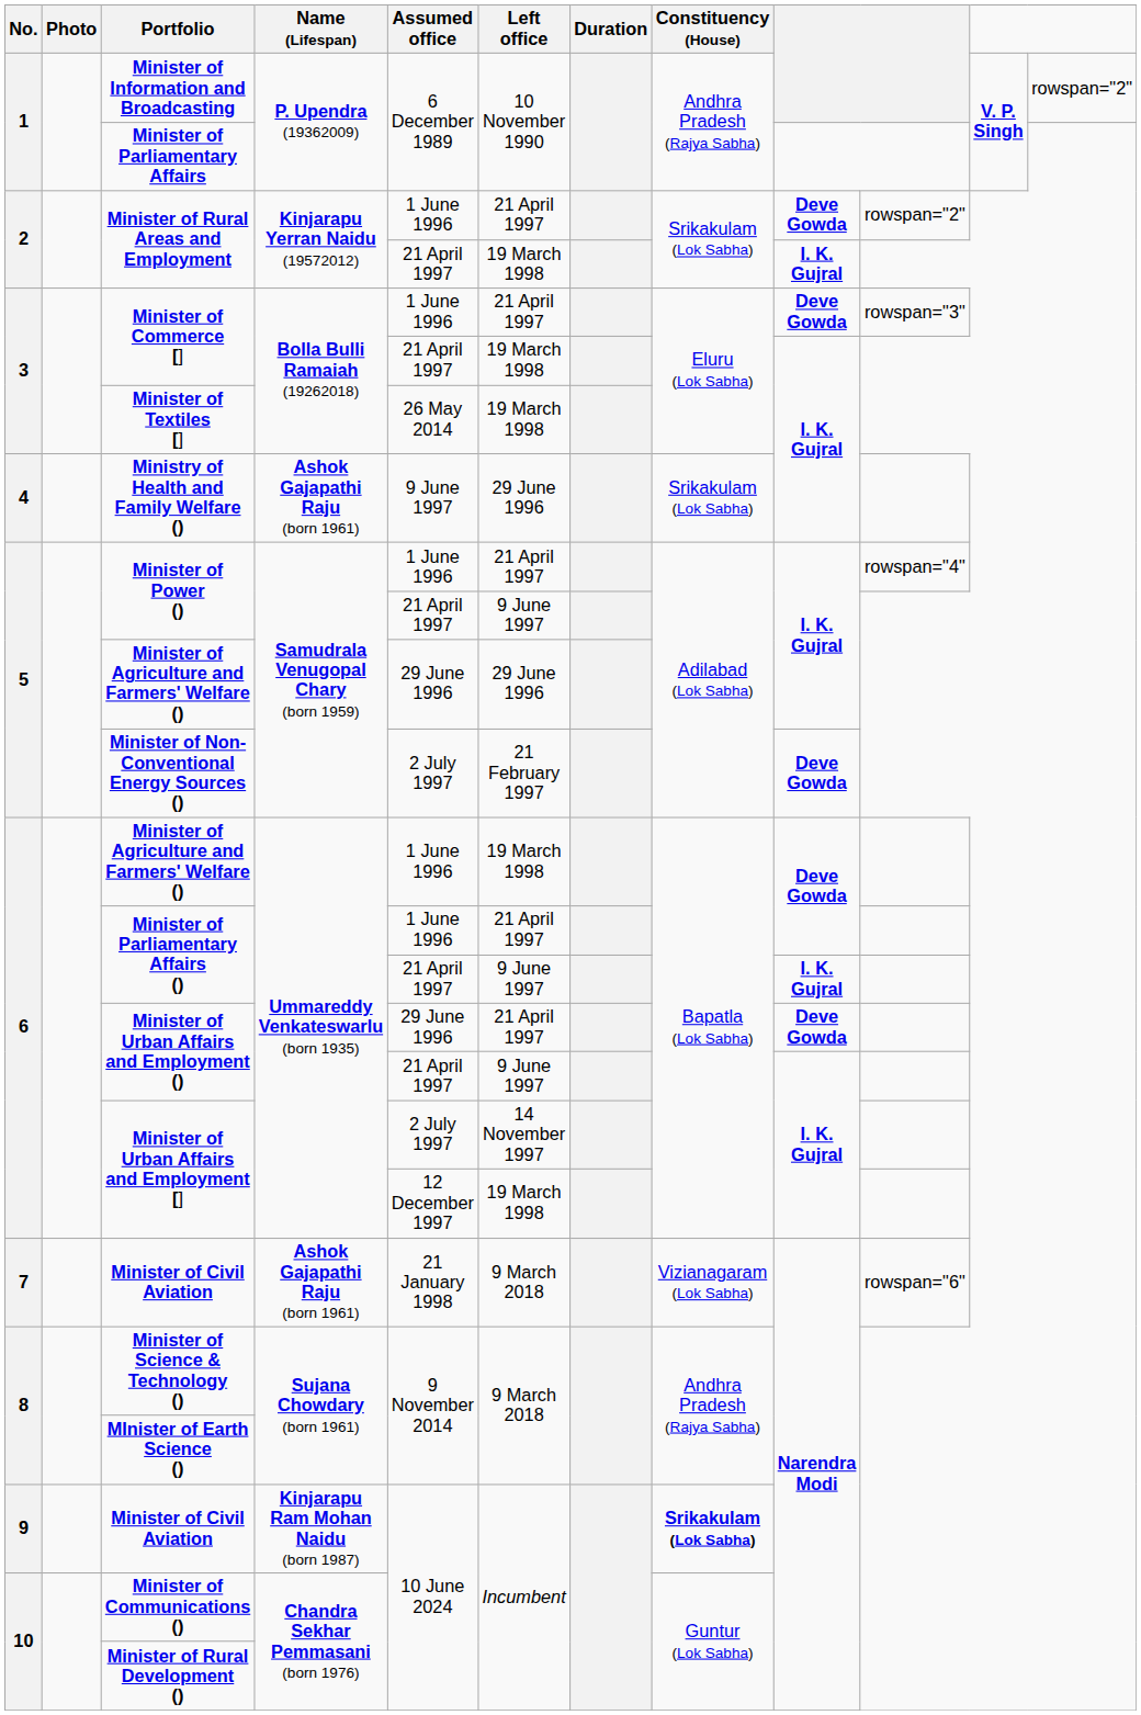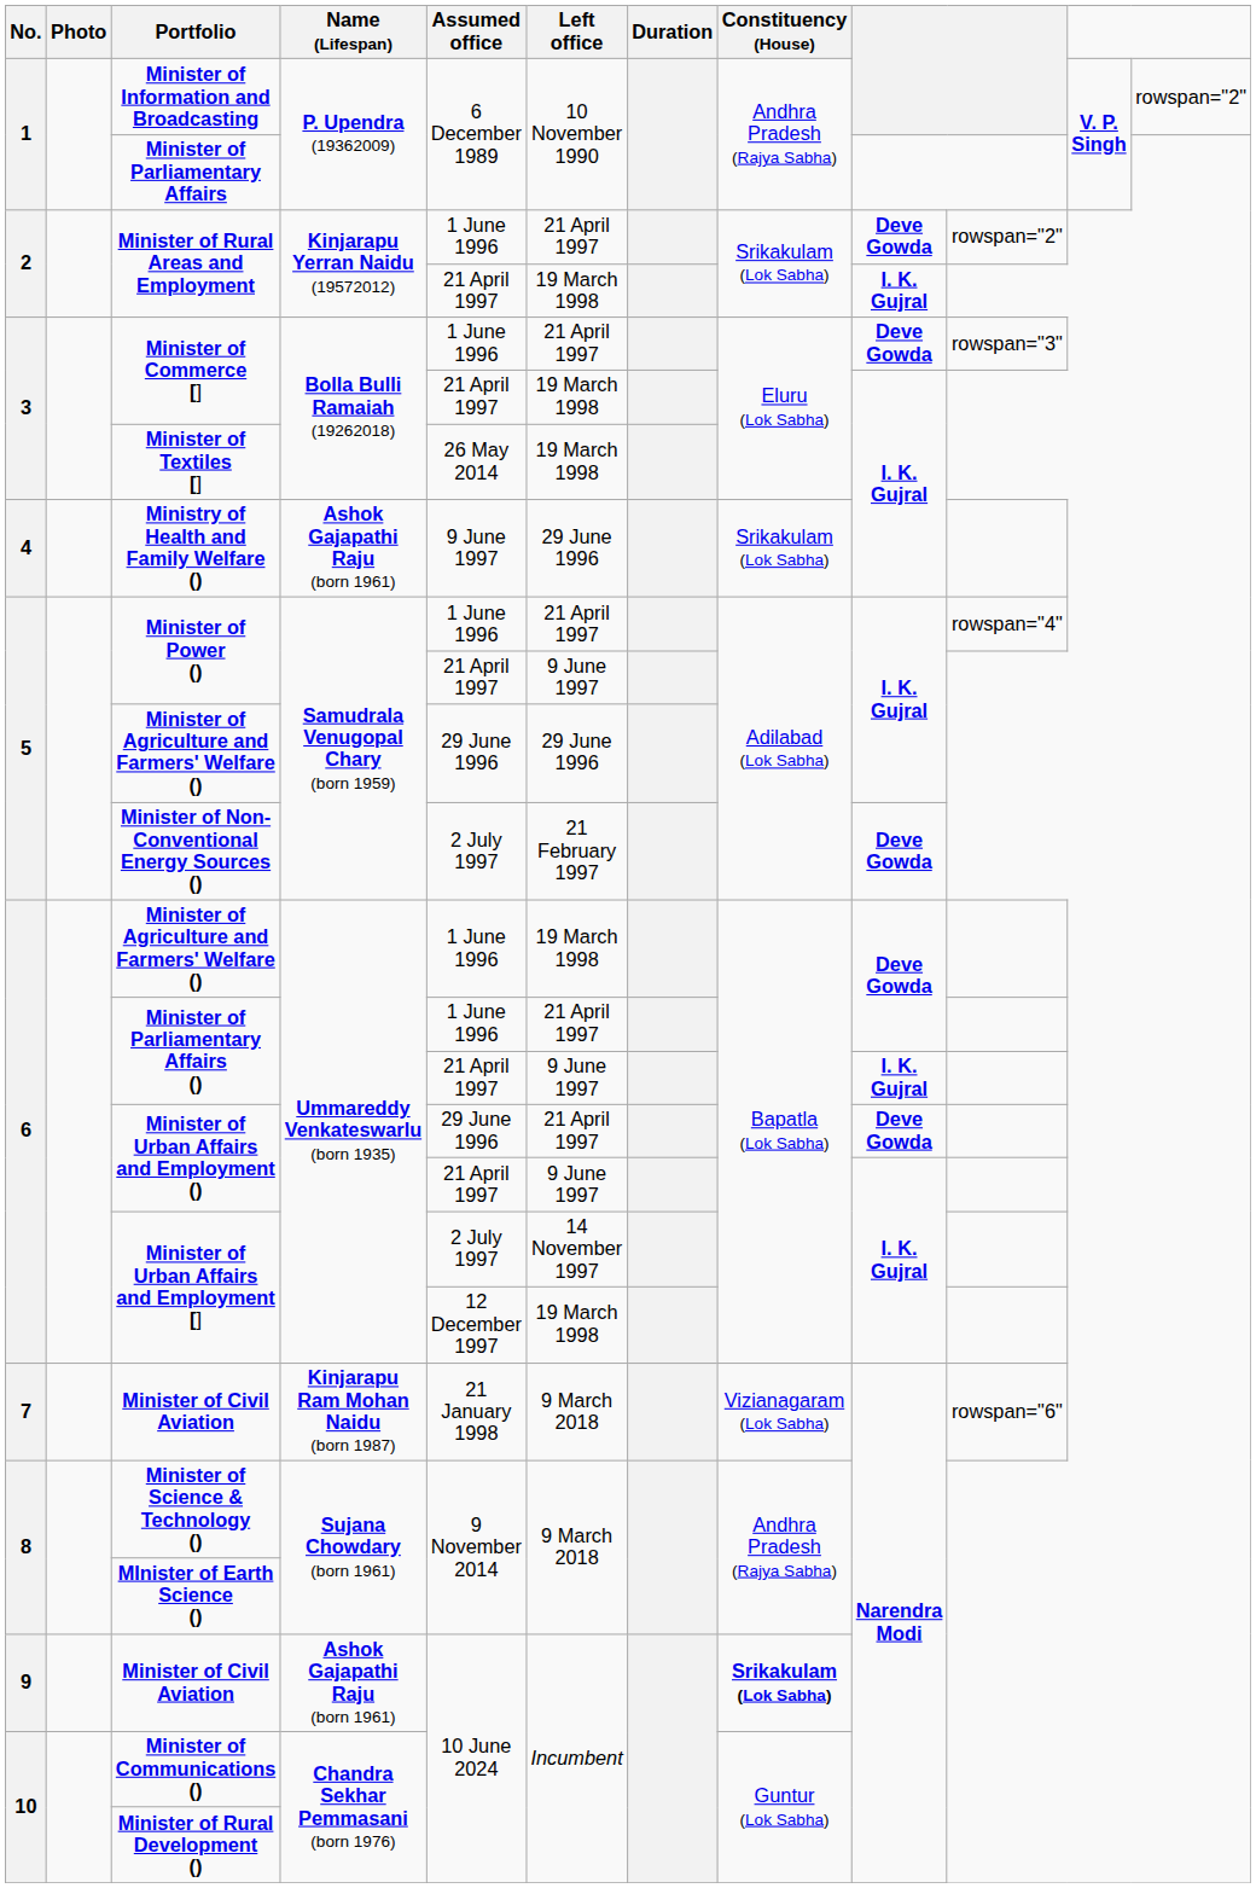 <table class="wikitable sortable" style="text-align:center;">
 <tr>
 <th Style="background-color:">No.</th>
 <th Style="background-color:">Photo</th>
 <th Style="background-color:">Portfolio</th>
 <th Style="background-color:">Name<br><small>(Lifespan)</small></th>
 <th Style="background-color:">Assumed office</th>
 <th Style="background-color:">Left office</th>
 <th Style="background-color:">Duration</th>
 <th Style="background-color:">Constituency<br><small>(House)</small></th>
 <th rowspan=2 colspan=2 Style="background-color:"><a href='#'></a></th>
 </tr>
 <tr>
 <th rowspan="2">1</th>
 <td rowspan="2"></td>
 <td><strong><a href='#'>Minister of Information and Broadcasting</a></strong></td>
 <td rowspan="2"><strong><a href='#'>P. Upendra</a></strong><br><small>(19362009)</small></td>
 <td rowspan="2">6 December<br>1989</td>
 <td rowspan="2">10 November<br>1990</td>
 <th rowspan="2"></th>
 <td rowspan="2"><a href='#'>Andhra Pradesh</a><br><small>(<a href='#'>Rajya Sabha</a>)</small></td>
 <td rowspan="2"><strong><a href='#'>V. P. Singh</a></strong></td>
 <td>rowspan="2" </td>
 </tr>
 <tr>
 <td><strong><a href='#'>Minister of Parliamentary Affairs</a></strong></td>
 </tr>
 <tr>
 <th rowspan="2">2</th>
 <td rowspan="2"></td>
 <td rowspan="2"><strong><a href='#'>Minister of Rural Areas and Employment</a></strong></td>
 <td rowspan="2"><strong><a href='#'>Kinjarapu Yerran Naidu</a></strong><br><small>(19572012)</small></td>
 <td>1 June<br>1996</td>
 <td>21 April<br>1997</td>
 <th></th>
 <td rowspan="2"><a href='#'>Srikakulam</a><br><small>(<a href='#'>Lok Sabha</a>)</small></td>
 <td><strong><a href='#'>Deve Gowda</a></strong></td>
 <td>rowspan="2" </td>
 </tr>
 <tr>
 <td>21 April<br>1997</td>
 <td>19 March<br> 1998</td>
 <th></th>
 <td><strong><a href='#'>I. K. Gujral</a></strong></td>
 </tr>
 <tr>
 <th rowspan="3">3</th>
 <td rowspan="3"></td>
 <td rowspan="2"><strong><a href='#'>Minister of Commerce</a></strong><br><strong>[</strong>]</td>
 <td rowspan="3"><strong><a href='#'>Bolla Bulli Ramaiah</a></strong><br><small>(19262018)</small></td>
 <td>1 June<br>1996</td>
 <td>21 April<br>1997</td>
 <th></th>
 <td rowspan="3"><a href='#'>Eluru</a><br><small>(<a href='#'>Lok Sabha</a>)</small></td>
 <td><strong><a href='#'>Deve Gowda</a></strong></td>
 <td>rowspan="3" </td>
 </tr>
 <tr>
 <td>21 April<br>1997</td>
 <td>19 March<br> 1998</td>
 <th></th>
 <td rowspan="3"><strong><a href='#'>I. K. Gujral</a></strong></td>
 </tr>
 <tr>
 <td><strong><a href='#'>Minister of Textiles</a></strong><br><strong>[</strong>]</td>
 <td>26 May 2014</td>
 <td>19 March<br>1998</td>
 <th></th>
 </tr>
 <tr>
 <th>4</th>
 <td></td>
 <td><strong><a href='#'>Ministry of Health and Family Welfare</a></strong><br><strong>()</strong></td>
 <td><strong><a href='#'>Ashok Gajapathi Raju</a></strong><br><small>(born 1961)</small></td>
 <td>9 June<br>1997</td>
 <td>29 June<br>1996</td>
 <th></th>
 <td><a href='#'>Srikakulam</a><br><small>(<a href='#'>Lok Sabha</a>)</small></td>
 <td></td>
 </tr>
 <tr>
 <th rowspan="4">5</th>
 <td rowspan="4"></td>
 <td rowspan="2"><strong><a href='#'>Minister of Power</a></strong><br><strong>()</strong></td>
 <td rowspan="4"><strong><a href='#'>Samudrala Venugopal Chary</a></strong><br><small>(born 1959)</small></td>
 <td>1 June<br>1996</td>
 <td>21 April<br>1997</td>
 <th></th>
 <td rowspan="4"><a href='#'>Adilabad</a><br><small>(<a href='#'>Lok Sabha</a>)</small></td>
 <td rowspan="3"><strong><a href='#'>I. K. Gujral</a></strong></td>
 <td>rowspan="4" </td>
 </tr>
 <tr>
 <td>21 April<br>1997</td>
 <td>9 June<br>1997</td>
 <th></th>
 </tr>
 <tr>
 <td><strong><a href='#'>Minister of Agriculture and Farmers' Welfare</a></strong><br><strong>()</strong></td>
 <td>29 June<br>1996</td>
 <td>29 June<br>1996</td>
 <th></th>
 </tr>
 <tr>
 <td><strong><a href='#'>Minister of Non-Conventional Energy Sources</a></strong><br><strong>()</strong></td>
 <td>2 July<br>1997</td>
 <td>21 February<br>1997</td>
 <th></th>
 <td><strong><a href='#'>Deve Gowda</a></strong></td>
 </tr>
 <tr>
 <th rowspan="7">6</th>
 <td rowspan="7"></td>
 <td><strong><a href='#'>Minister of Agriculture and Farmers' Welfare</a></strong><br><strong>()</strong></td>
 <td rowspan="7"><strong><a href='#'>Ummareddy Venkateswarlu</a></strong><br><small>(born 1935)</small></td>
 <td>1 June<br>1996</td>
 <td>19 March<br>1998</td>
 <th></th>
 <td rowspan="7"><a href='#'>Bapatla</a><br><small>(<a href='#'>Lok Sabha</a>)</small></td>
 <td rowspan="2"><strong><a href='#'>Deve Gowda</a></strong></td>
 <td></td>
 </tr>
 <tr>
 <td rowspan="2"><strong><a href='#'>Minister of Parliamentary Affairs</a></strong><br><strong>()</strong></td>
 <td>1 June<br>1996</td>
 <td>21 April<br>1997</td>
 <th></th>
 <td></td>
 </tr>
 <tr>
 <td>21 April<br>1997</td>
 <td>9 June<br>1997</td>
 <th></th>
 <td><strong><a href='#'>I. K. Gujral</a></strong></td>
 <td></td>
 </tr>
 <tr>
 <td rowspan="2"><strong><a href='#'>Minister of Urban Affairs and Employment</a></strong><br><strong>()</strong></td>
 <td>29 June<br>1996</td>
 <td>21 April<br>1997</td>
 <th></th>
 <td><strong><a href='#'>Deve Gowda</a></strong></td>
 <td></td>
 </tr>
 <tr>
 <td>21 April<br>1997</td>
 <td>9 June<br>1997</td>
 <th></th>
 <td rowspan="3"><strong><a href='#'>I. K. Gujral</a></strong></td>
 <td></td>
 </tr>
 <tr>
 <td rowspan="2"><strong><a href='#'>Minister of Urban Affairs and Employment</a></strong><br><strong>[</strong>]</td>
 <td>2 July<br>1997</td>
 <td>14 November<br>1997</td>
 <th></th>
 <td></td>
 </tr>
 <tr>
 <td>12 December<br>1997</td>
 <td>19 March<br>1998</td>
 <th></th>
 <td></td>
 </tr>
 <tr>
 <th>7</th>
 <td></td>
 <td><strong><a href='#'>Minister of Civil Aviation</a></strong></td>
-<td><strong><a href='#'>Ashok Gajapathi Raju</a></strong><br><small>(born 1961)</small></td>
+<td><strong><a href='#'>Kinjarapu Ram Mohan Naidu</a></strong><br><small>(born 1987)</small></td>
 <td>21 January<br>1998</td>
 <td>9 March 2018</td>
 <th></th>
 <td><a href='#'>Vizianagaram</a><br><small>(<a href='#'>Lok Sabha</a>)</small></td>
 <td rowspan="6"><strong><a href='#'>Narendra Modi</a></strong></td>
 <td>rowspan="6" </td>
 </tr>
 <tr>
 <th rowspan="2">8</th>
 <td rowspan="2"></td>
 <td><strong><a href='#'>Minister of Science & Technology</a></strong><br><strong>()</strong></td>
 <td rowspan="2"><strong><a href='#'>Sujana Chowdary</a></strong><br><small>(born 1961)</small></td>
 <td rowspan="2">9 November 2014</td>
 <td rowspan="2">9 March 2018</td>
 <th rowspan="2"></th>
 <td rowspan="2"><a href='#'>Andhra Pradesh</a><br><small>(<a href='#'>Rajya Sabha</a>)</small></td>
 </tr>
 <tr>
 <td><strong><a href='#'>MInister of Earth Science</a></strong><br><strong>()</strong></td>
 </tr>
 <tr>
 <th>9</th>
 <td></td>
 <td><strong><a href='#'>Minister of Civil Aviation</a></strong></td>
-<td><strong><a href='#'>Kinjarapu Ram Mohan Naidu</a></strong><br><small>(born 1987)</small></td>
+<td><strong><a href='#'>Ashok Gajapathi Raju</a></strong><br><small>(born 1961)</small></td>
 <td rowspan="3">10 June 2024</td>
 <td rowspan="3"><em>Incumbent</em></td>
 <th rowspan="3"></th>
 <td><strong><a href='#'>Srikakulam</a><br><small>(<a href='#'>Lok Sabha</a>)</small></strong></td>
 </tr>
 <tr>
 <th rowspan="2">10</th>
 <td rowspan="2"></td>
 <td><strong><a href='#'>Minister of Communications</a></strong><br><strong>()</strong></td>
 <td rowspan="2"><strong><a href='#'>Chandra Sekhar Pemmasani</a></strong><br><small>(born 1976)</small></td>
 <td rowspan="2"><a href='#'>Guntur</a><br><small>(<a href='#'>Lok Sabha</a>)</small></td>
 </tr>
 <tr>
 <td><strong><a href='#'>Minister of Rural Development</a></strong><br><strong>()</strong></td>
 </tr>
 <tr>
 </tr>
 </table>
